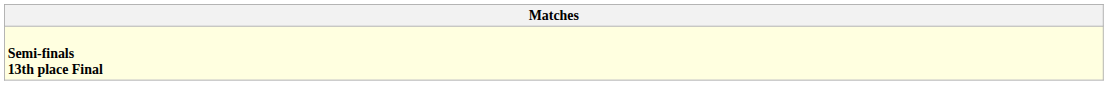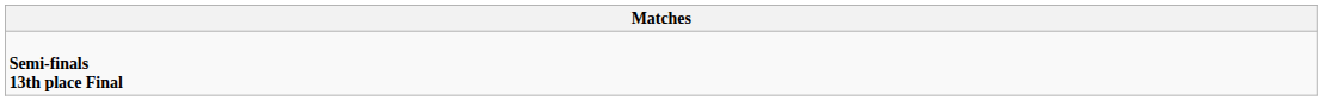 <table class="wikitable collapsible collapsed" style="width:100%;">
 <tr>
 <th>Matches</th>
 </tr>
 <tr>
-<td style="background: lightyellow;"><br><strong>Semi-finals</strong>   <br><strong>13th place Final</strong> </td>
+<td><br><strong>Semi-finals</strong>   <br><strong>13th place Final</strong> </td>
 </tr>
 </table>
